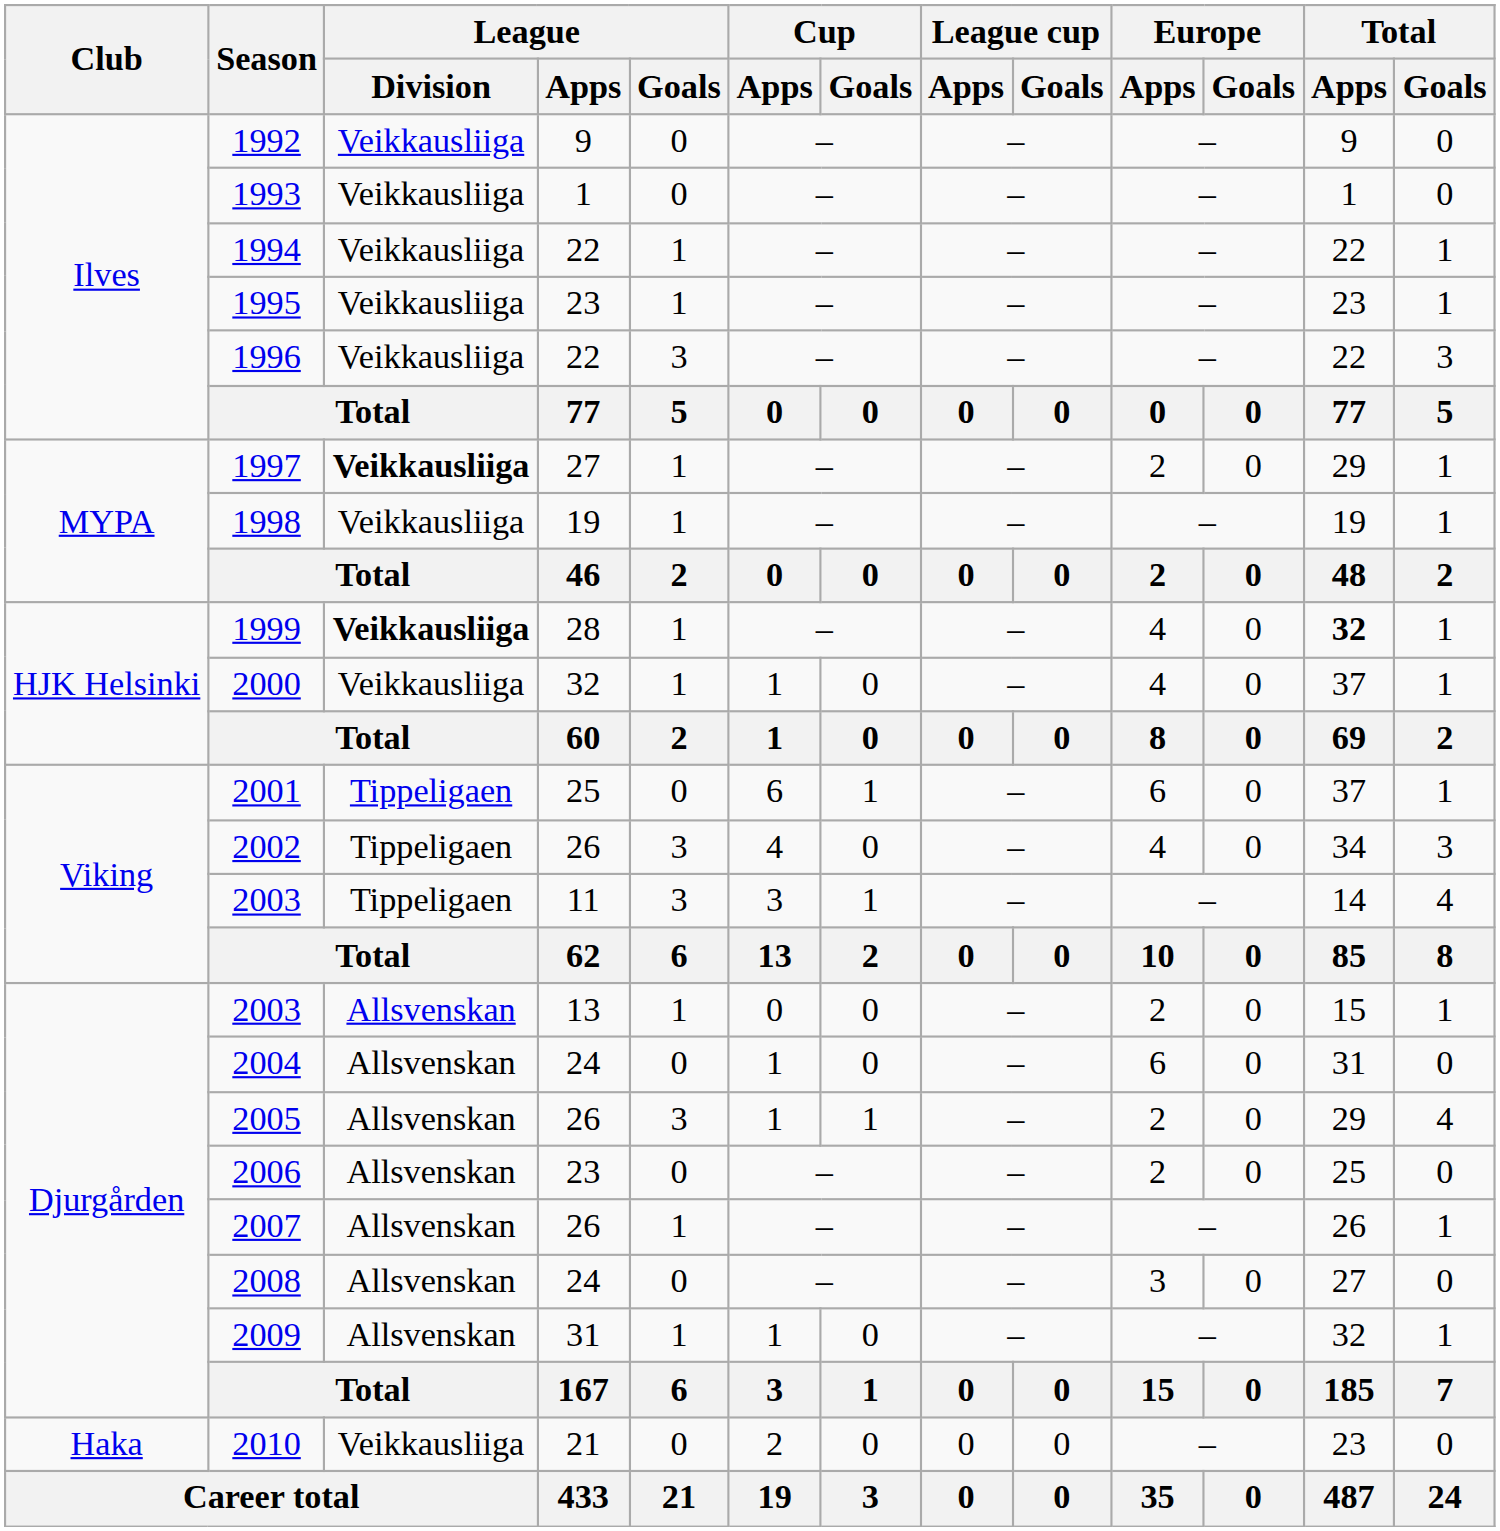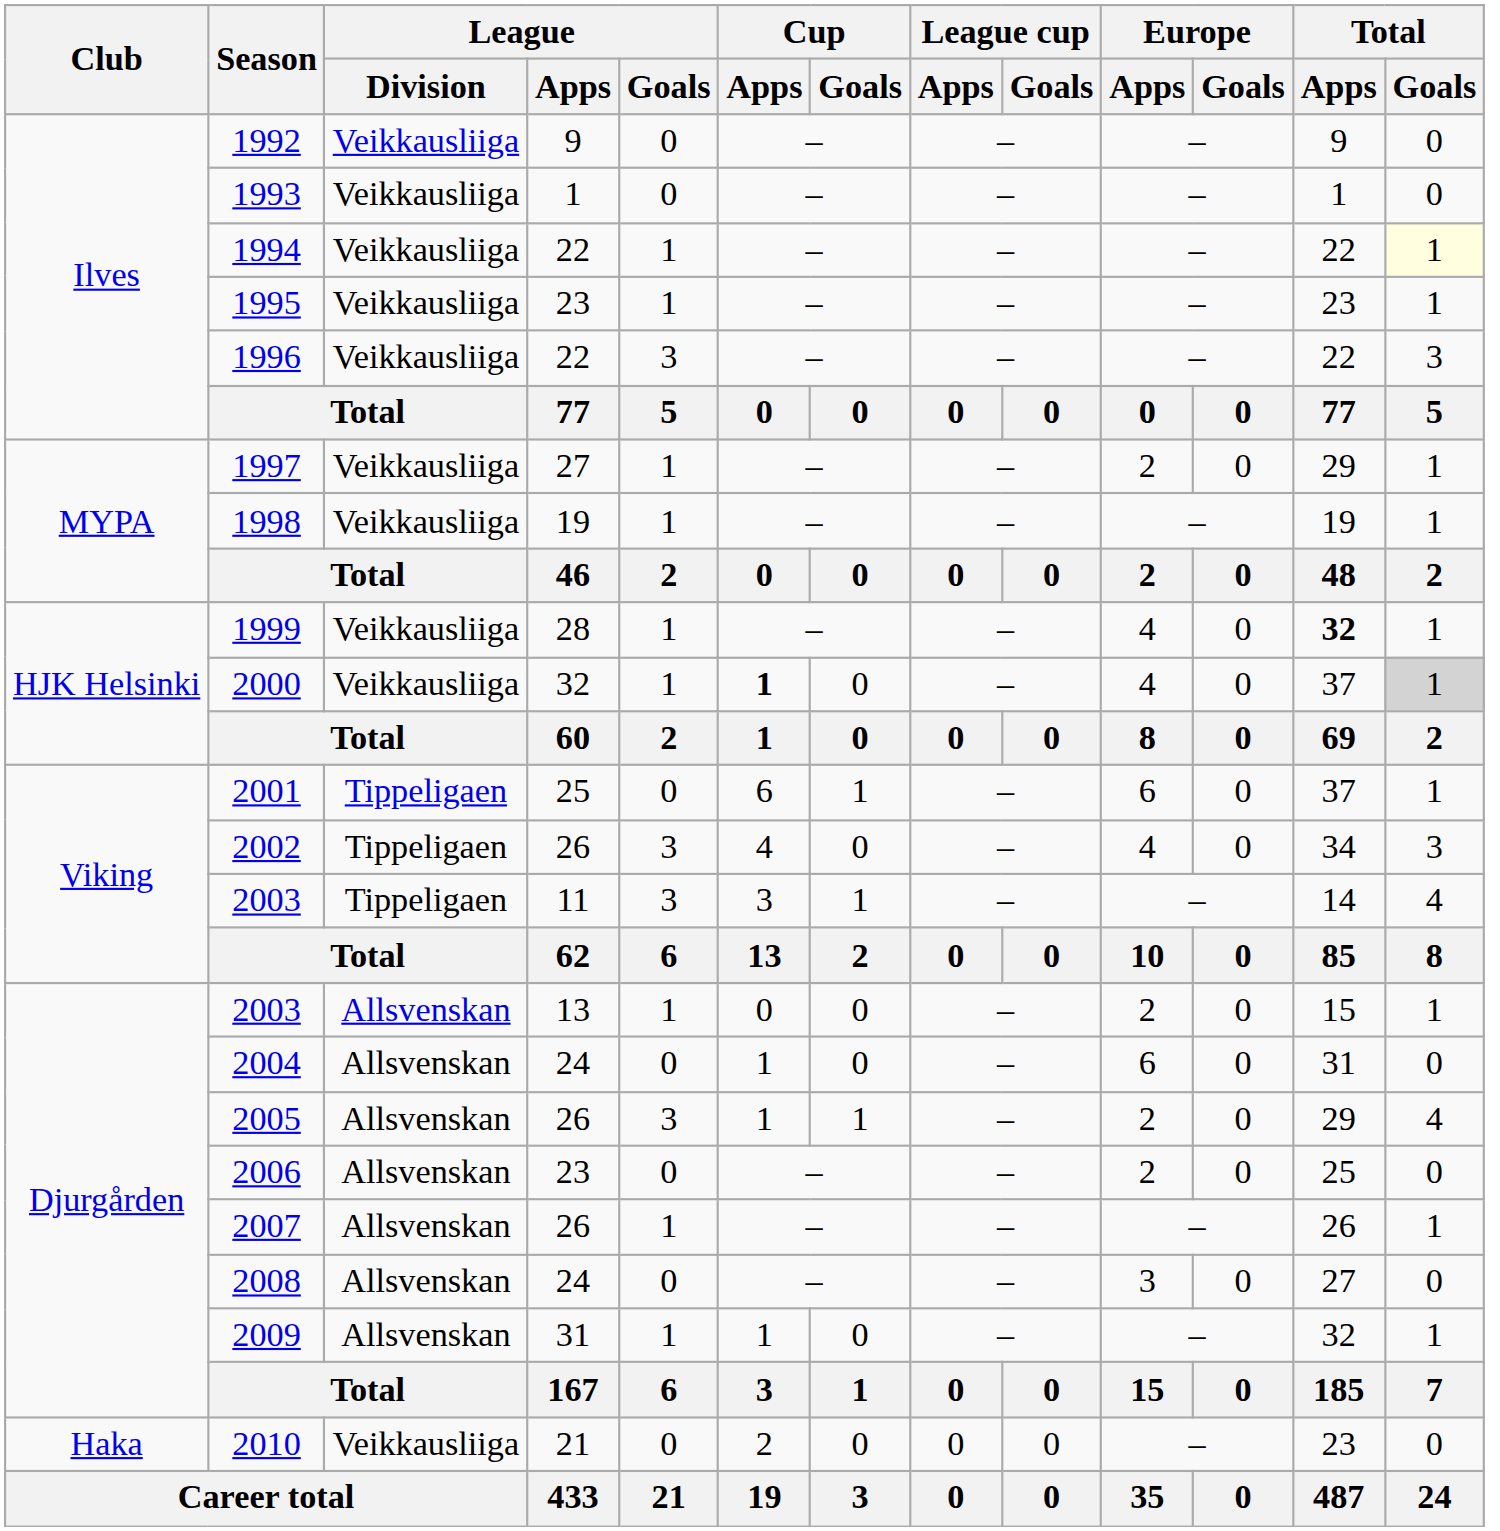 <table class="wikitable" style="text-align:center">
 <tr>
 <th rowspan="2">Club</th>
 <th rowspan="2">Season</th>
 <th colspan="3">League</th>
 <th colspan="2">Cup</th>
 <th colspan="2">League cup</th>
 <th colspan="2">Europe</th>
 <th colspan="2">Total</th>
 </tr>
 <tr>
 <th>Division</th>
 <th>Apps</th>
 <th>Goals</th>
 <th>Apps</th>
 <th>Goals</th>
 <th>Apps</th>
 <th>Goals</th>
 <th>Apps</th>
 <th>Goals</th>
 <th>Apps</th>
 <th>Goals</th>
 </tr>
 <tr>
 <td rowspan=6><a href='#'>Ilves</a></td>
 <td><a href='#'>1992</a></td>
 <td><a href='#'>Veikkausliiga</a></td>
 <td>9</td>
 <td>0</td>
 <td colspan=2>–</td>
 <td colspan=2>–</td>
 <td colspan=2>–</td>
 <td>9</td>
 <td>0</td>
 </tr>
 <tr>
 <td><a href='#'>1993</a></td>
 <td>Veikkausliiga</td>
 <td>1</td>
 <td>0</td>
 <td colspan=2>–</td>
 <td colspan=2>–</td>
 <td colspan=2>–</td>
 <td>1</td>
 <td>0</td>
 </tr>
 <tr>
 <td><a href='#'>1994</a></td>
 <td>Veikkausliiga</td>
 <td>22</td>
 <td>1</td>
 <td colspan=2>–</td>
 <td colspan=2>–</td>
 <td colspan=2>–</td>
 <td>22</td>
-<td>1</td>
+<td style="background: lightyellow;">1</td>
 </tr>
 <tr>
 <td><a href='#'>1995</a></td>
 <td>Veikkausliiga</td>
 <td>23</td>
 <td>1</td>
 <td colspan=2>–</td>
 <td colspan=2>–</td>
 <td colspan=2>–</td>
 <td>23</td>
 <td>1</td>
 </tr>
 <tr>
 <td><a href='#'>1996</a></td>
 <td>Veikkausliiga</td>
 <td>22</td>
 <td>3</td>
 <td colspan=2>–</td>
 <td colspan=2>–</td>
 <td colspan=2>–</td>
 <td>22</td>
 <td>3</td>
 </tr>
 <tr>
 <th colspan=2>Total</th>
 <th>77</th>
 <th>5</th>
 <th>0</th>
 <th>0</th>
 <th>0</th>
 <th>0</th>
 <th>0</th>
 <th>0</th>
 <th>77</th>
 <th>5</th>
 </tr>
 <tr>
 <td rowspan=3><a href='#'>MYPA</a></td>
 <td><a href='#'>1997</a></td>
-<td><strong>Veikkausliiga</strong></td>
+<td>Veikkausliiga</td>
 <td>27</td>
 <td>1</td>
 <td colspan=2>–</td>
 <td colspan=2>–</td>
 <td>2</td>
 <td>0</td>
 <td>29</td>
 <td>1</td>
 </tr>
 <tr>
 <td><a href='#'>1998</a></td>
 <td>Veikkausliiga</td>
 <td>19</td>
 <td>1</td>
 <td colspan=2>–</td>
 <td colspan=2>–</td>
 <td colspan=2>–</td>
 <td>19</td>
 <td>1</td>
 </tr>
 <tr>
 <th colspan=2>Total</th>
 <th>46</th>
 <th>2</th>
 <th>0</th>
 <th>0</th>
 <th>0</th>
 <th>0</th>
 <th>2</th>
 <th>0</th>
 <th>48</th>
 <th>2</th>
 </tr>
 <tr>
 <td rowspan=3><a href='#'>HJK Helsinki</a></td>
 <td><a href='#'>1999</a></td>
-<td><strong>Veikkausliiga</strong></td>
+<td>Veikkausliiga</td>
 <td>28</td>
 <td>1</td>
 <td colspan=2>–</td>
 <td colspan=2>–</td>
 <td>4</td>
 <td>0</td>
 <td><strong>32</strong></td>
 <td>1</td>
 </tr>
 <tr>
 <td><a href='#'>2000</a></td>
 <td>Veikkausliiga</td>
 <td>32</td>
 <td>1</td>
-<td>1</td>
+<td><strong>1</strong></td>
 <td>0</td>
 <td colspan=2>–</td>
 <td>4</td>
 <td>0</td>
 <td>37</td>
-<td>1</td>
+<td style="background: lightgrey;">1</td>
 </tr>
 <tr>
 <th colspan=2>Total</th>
 <th>60</th>
 <th>2</th>
 <th>1</th>
 <th>0</th>
 <th>0</th>
 <th>0</th>
 <th>8</th>
 <th>0</th>
 <th>69</th>
 <th>2</th>
 </tr>
 <tr>
 <td rowspan=4><a href='#'>Viking</a></td>
 <td><a href='#'>2001</a></td>
 <td><a href='#'>Tippeligaen</a></td>
 <td>25</td>
 <td>0</td>
 <td>6</td>
 <td>1</td>
 <td colspan=2>–</td>
 <td>6</td>
 <td>0</td>
 <td>37</td>
 <td>1</td>
 </tr>
 <tr>
 <td><a href='#'>2002</a></td>
 <td>Tippeligaen</td>
 <td>26</td>
 <td>3</td>
 <td>4</td>
 <td>0</td>
 <td colspan=2>–</td>
 <td>4</td>
 <td>0</td>
 <td>34</td>
 <td>3</td>
 </tr>
 <tr>
 <td><a href='#'>2003</a></td>
 <td>Tippeligaen</td>
 <td>11</td>
 <td>3</td>
 <td>3</td>
 <td>1</td>
 <td colspan=2>–</td>
 <td colspan=2>–</td>
 <td>14</td>
 <td>4</td>
 </tr>
 <tr>
 <th colspan=2>Total</th>
 <th>62</th>
 <th>6</th>
 <th>13</th>
 <th>2</th>
 <th>0</th>
 <th>0</th>
 <th>10</th>
 <th>0</th>
 <th>85</th>
 <th>8</th>
 </tr>
 <tr>
 <td rowspan=8><a href='#'>Djurgården</a></td>
 <td><a href='#'>2003</a></td>
 <td><a href='#'>Allsvenskan</a></td>
 <td>13</td>
 <td>1</td>
 <td>0</td>
 <td>0</td>
 <td colspan=2>–</td>
 <td>2</td>
 <td>0</td>
 <td>15</td>
 <td>1</td>
 </tr>
 <tr>
 <td><a href='#'>2004</a></td>
 <td>Allsvenskan</td>
 <td>24</td>
 <td>0</td>
 <td>1</td>
 <td>0</td>
 <td colspan=2>–</td>
 <td>6</td>
 <td>0</td>
 <td>31</td>
 <td>0</td>
 </tr>
 <tr>
 <td><a href='#'>2005</a></td>
 <td>Allsvenskan</td>
 <td>26</td>
 <td>3</td>
 <td>1</td>
 <td>1</td>
 <td colspan=2>–</td>
 <td>2</td>
 <td>0</td>
 <td>29</td>
 <td>4</td>
 </tr>
 <tr>
 <td><a href='#'>2006</a></td>
 <td>Allsvenskan</td>
 <td>23</td>
 <td>0</td>
 <td colspan=2>–</td>
 <td colspan=2>–</td>
 <td>2</td>
 <td>0</td>
 <td>25</td>
 <td>0</td>
 </tr>
 <tr>
 <td><a href='#'>2007</a></td>
 <td>Allsvenskan</td>
 <td>26</td>
 <td>1</td>
 <td colspan=2>–</td>
 <td colspan=2>–</td>
 <td colspan=2>–</td>
 <td>26</td>
 <td>1</td>
 </tr>
 <tr>
 <td><a href='#'>2008</a></td>
 <td>Allsvenskan</td>
 <td>24</td>
 <td>0</td>
 <td colspan=2>–</td>
 <td colspan=2>–</td>
 <td>3</td>
 <td>0</td>
 <td>27</td>
 <td>0</td>
 </tr>
 <tr>
 <td><a href='#'>2009</a></td>
 <td>Allsvenskan</td>
 <td>31</td>
 <td>1</td>
 <td>1</td>
 <td>0</td>
 <td colspan=2>–</td>
 <td colspan=2>–</td>
 <td>32</td>
 <td>1</td>
 </tr>
 <tr>
 <th colspan=2>Total</th>
 <th>167</th>
 <th>6</th>
 <th>3</th>
 <th>1</th>
 <th>0</th>
 <th>0</th>
 <th>15</th>
 <th>0</th>
 <th>185</th>
 <th>7</th>
 </tr>
 <tr>
 <td><a href='#'>Haka</a></td>
 <td><a href='#'>2010</a></td>
 <td>Veikkausliiga</td>
 <td>21</td>
 <td>0</td>
 <td>2</td>
 <td>0</td>
 <td>0</td>
 <td>0</td>
 <td colspan=2>–</td>
 <td>23</td>
 <td>0</td>
 </tr>
 <tr>
 <th colspan="3">Career total</th>
 <th>433</th>
 <th>21</th>
 <th>19</th>
 <th>3</th>
 <th>0</th>
 <th>0</th>
 <th>35</th>
 <th>0</th>
 <th>487</th>
 <th>24</th>
 </tr>
 </table>
